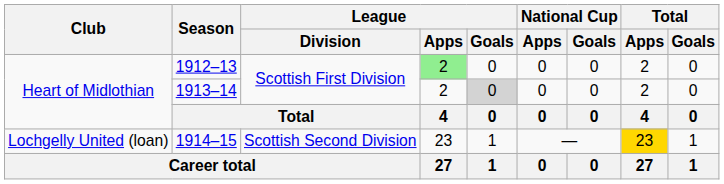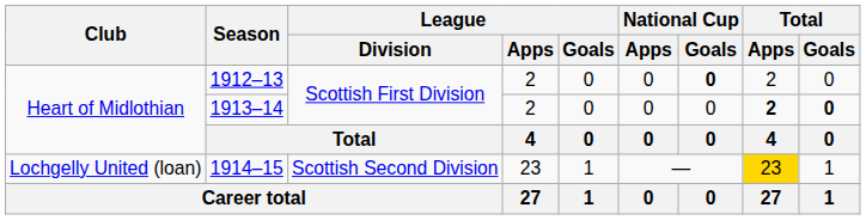 <table class="wikitable" style="text-align: center;">
 <tr>
 <th rowspan="2">Club</th>
 <th rowspan="2">Season</th>
 <th colspan="3">League</th>
 <th colspan="2">National Cup</th>
 <th colspan="2">Total</th>
 </tr>
 <tr>
 <th>Division</th>
 <th>Apps</th>
 <th>Goals</th>
 <th>Apps</th>
 <th>Goals</th>
 <th>Apps</th>
 <th>Goals</th>
 </tr>
 <tr>
 <td rowspan="3"><a href='#'>Heart of Midlothian</a></td>
 <td><a href='#'>1912–13</a></td>
 <td rowspan="2"><a href='#'>Scottish First Division</a></td>
-<td style="background: lightgreen;">2</td>
+<td>2</td>
 <td>0</td>
 <td>0</td>
-<td>0</td>
+<td><strong>0</strong></td>
 <td>2</td>
 <td>0</td>
 </tr>
 <tr>
 <td><a href='#'>1913–14</a></td>
 <td>2</td>
-<td style="background: lightgrey;">0</td>
 <td>0</td>
 <td>0</td>
-<td>2</td>
 <td>0</td>
+<td><strong>2</strong></td>
+<td><strong>0</strong></td>
 </tr>
 <tr>
 <th colspan="2">Total</th>
 <th>4</th>
 <th>0</th>
 <th>0</th>
 <th>0</th>
 <th>4</th>
 <th>0</th>
 </tr>
 <tr>
 <td><a href='#'>Lochgelly United</a> (loan)</td>
 <td><a href='#'>1914–15</a></td>
 <td><a href='#'>Scottish Second Division</a></td>
 <td>23</td>
 <td>1</td>
 <td colspan="2">—</td>
 <td style="background: gold;">23</td>
 <td>1</td>
 </tr>
 <tr>
 <th colspan="3">Career total</th>
 <th>27</th>
 <th>1</th>
 <th>0</th>
 <th>0</th>
 <th>27</th>
 <th>1</th>
 </tr>
 </table>
